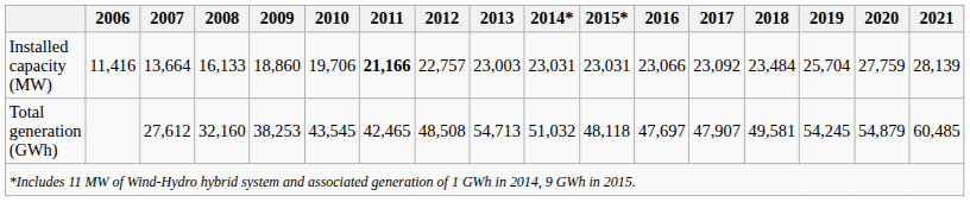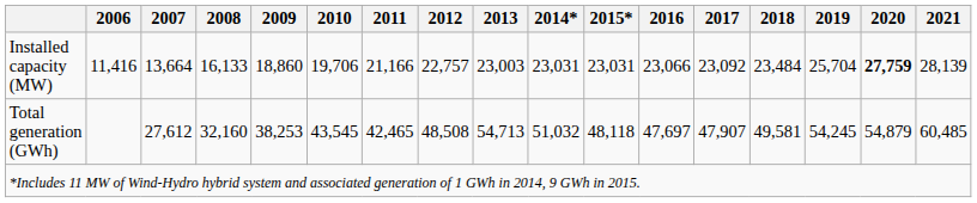 <table class="wikitable">
 <tr>
 <th></th>
 <th>2006</th>
 <th>2007</th>
 <th>2008</th>
 <th>2009</th>
 <th>2010</th>
 <th>2011</th>
 <th>2012</th>
 <th>2013</th>
 <th>2014*</th>
 <th>2015*</th>
 <th>2016</th>
 <th>2017</th>
 <th>2018</th>
 <th>2019</th>
 <th>2020</th>
 <th>2021</th>
 </tr>
 <tr>
 <td>Installed capacity (MW)</td>
 <td>11,416</td>
 <td>13,664</td>
 <td>16,133</td>
 <td>18,860</td>
 <td>19,706</td>
-<td><strong>21,166</strong></td>
+<td>21,166</td>
 <td>22,757</td>
 <td>23,003</td>
 <td>23,031</td>
 <td>23,031</td>
 <td>23,066</td>
 <td>23,092</td>
 <td>23,484</td>
 <td>25,704</td>
-<td>27,759</td>
+<td><strong>27,759</strong></td>
 <td>28,139</td>
 </tr>
 <tr>
 <td>Total generation (GWh)</td>
 <td></td>
 <td>27,612</td>
 <td>32,160</td>
 <td>38,253</td>
 <td>43,545</td>
 <td>42,465</td>
 <td>48,508</td>
 <td>54,713</td>
 <td>51,032</td>
 <td>48,118</td>
 <td>47,697</td>
 <td>47,907</td>
 <td>49,581</td>
 <td>54,245</td>
 <td>54,879</td>
 <td>60,485</td>
 </tr>
 <tr>
 <td colspan="17"><em><sub>*Includes 11 MW of Wind-Hydro hybrid system and associated generation of 1 GWh in 2014, 9 GWh in 2015.</sub></em></td>
 </tr>
 </table>
